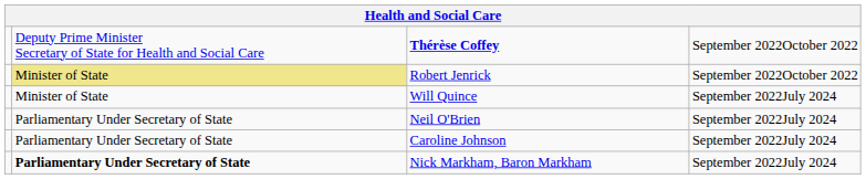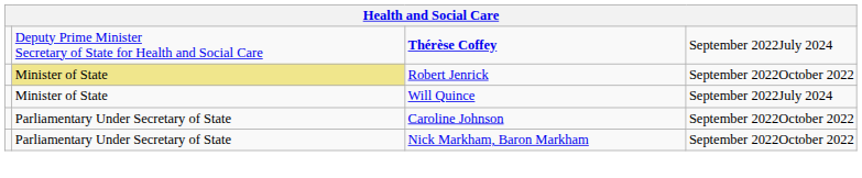 <table class="wikitable">
 <tr>
 <th colspan="4"><a href='#'>Health and Social Care</a></th>
 </tr>
 <tr>
 <td rowspan="1" style="width: 1px; background: "></td>
 <td rowspan="1" style="width: 450px;"><a href='#'>Deputy Prime Minister</a><br><a href='#'>Secretary of State for Health and Social Care</a></td>
 <td style="width: 320px;"><strong><a href='#'>Thérèse Coffey</a></strong></td>
-<td>September 2022October 2022</td>
+<td>September 2022July 2024</td>
 </tr>
 <tr>
 <td rowspan="1" style="width: 1px; background: "></td>
 <td rowspan="1" style="background: khaki; width: 450px;">Minister of State</td>
 <td><a href='#'>Robert Jenrick</a></td>
 <td>September 2022October 2022</td>
 </tr>
 <tr>
 <td style="width: 1px; background: "></td>
 <td style="width: 450px;">Minister of State</td>
 <td><a href='#'>Will Quince</a></td>
 <td>September 2022July 2024</td>
 </tr>
 <tr>
 <td rowspan="1" style="width: 1px; background: "></td>
 <td rowspan="1" style="width: 450px;">Parliamentary Under Secretary of State</td>
-<td><a href='#'>Neil O'Brien</a></td>
-<td>September 2022July 2024</td>
+<td><a href='#'>Caroline Johnson</a></td>
+<td>September 2022October 2022</td>
 </tr>
 <tr>
 <td rowspan="1" style="width: 1px; background: "></td>
-<td rowspan="1" style="width: 450px;">Parliamentary Under Secretary of State</td>
-<td><a href='#'>Caroline Johnson</a></td>
-<td>September 2022July 2024</td>
-</tr>
-<tr>
-<td rowspan="1" style="width: 1px; background: "></td>
-<td rowspan="1"><strong>Parliamentary Under Secretary of State</strong></td>
+<td rowspan="1">Parliamentary Under Secretary of State</td>
 <td><a href='#'>Nick Markham, Baron Markham</a> </td>
-<td>September 2022July 2024</td>
+<td>September 2022October 2022</td>
 </tr>
 </table>
